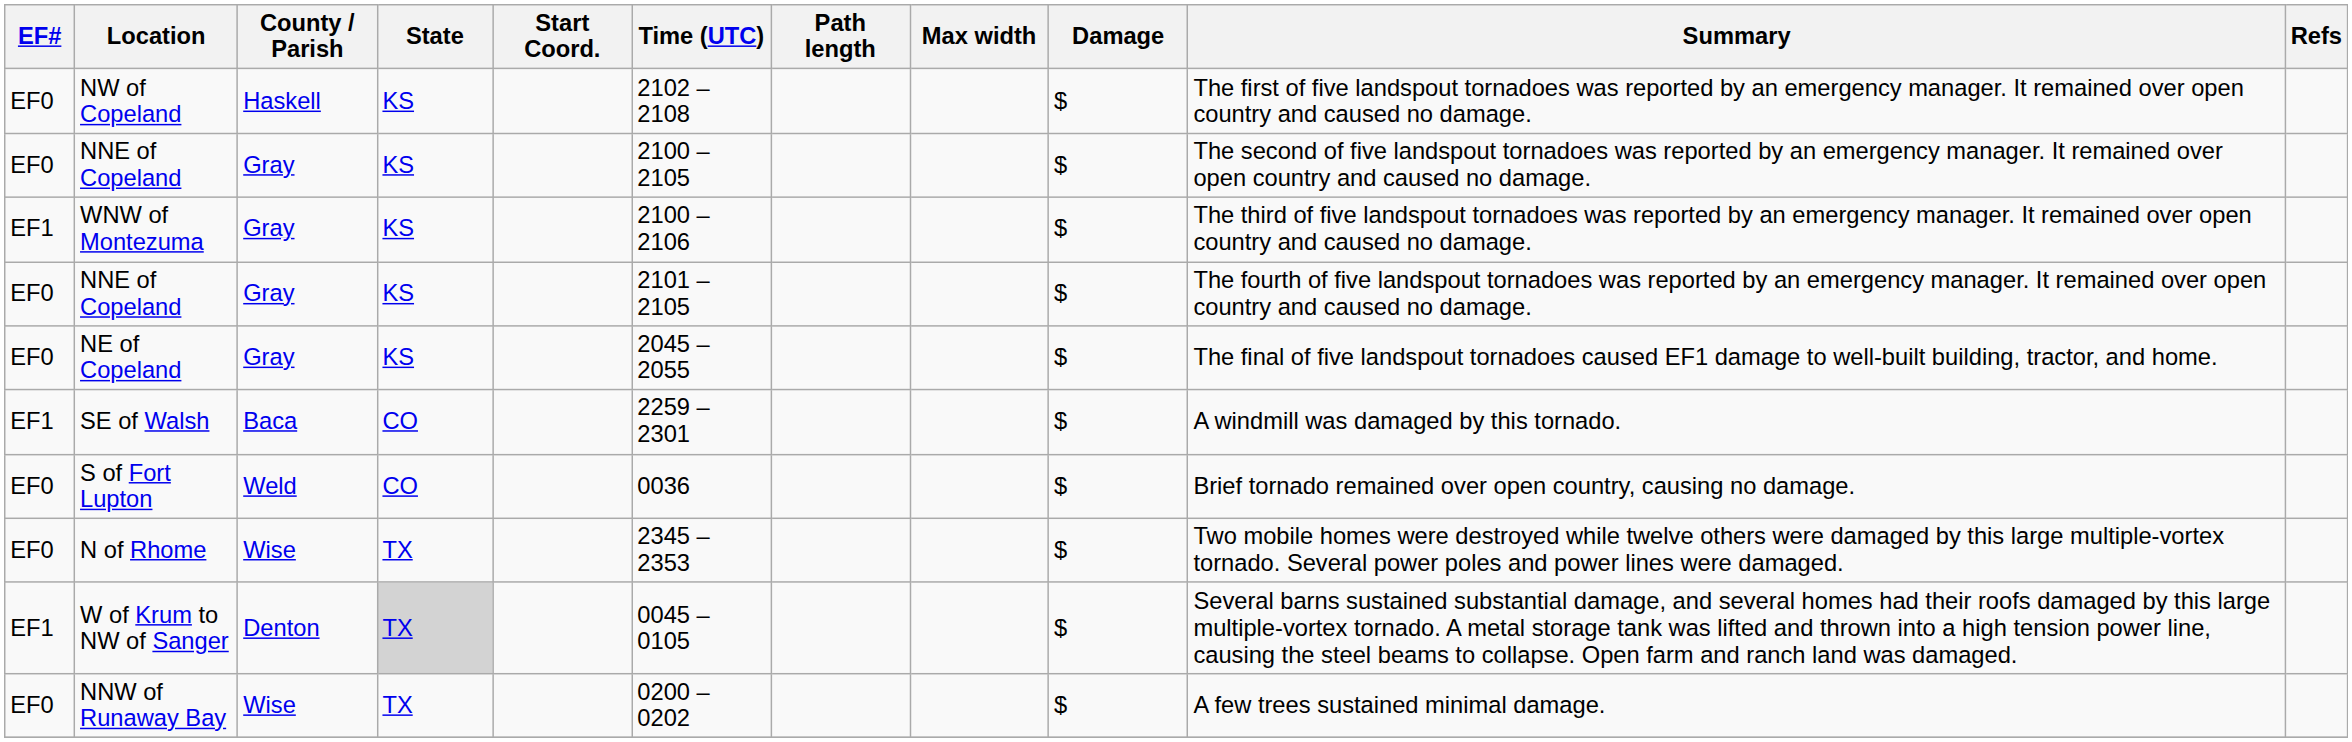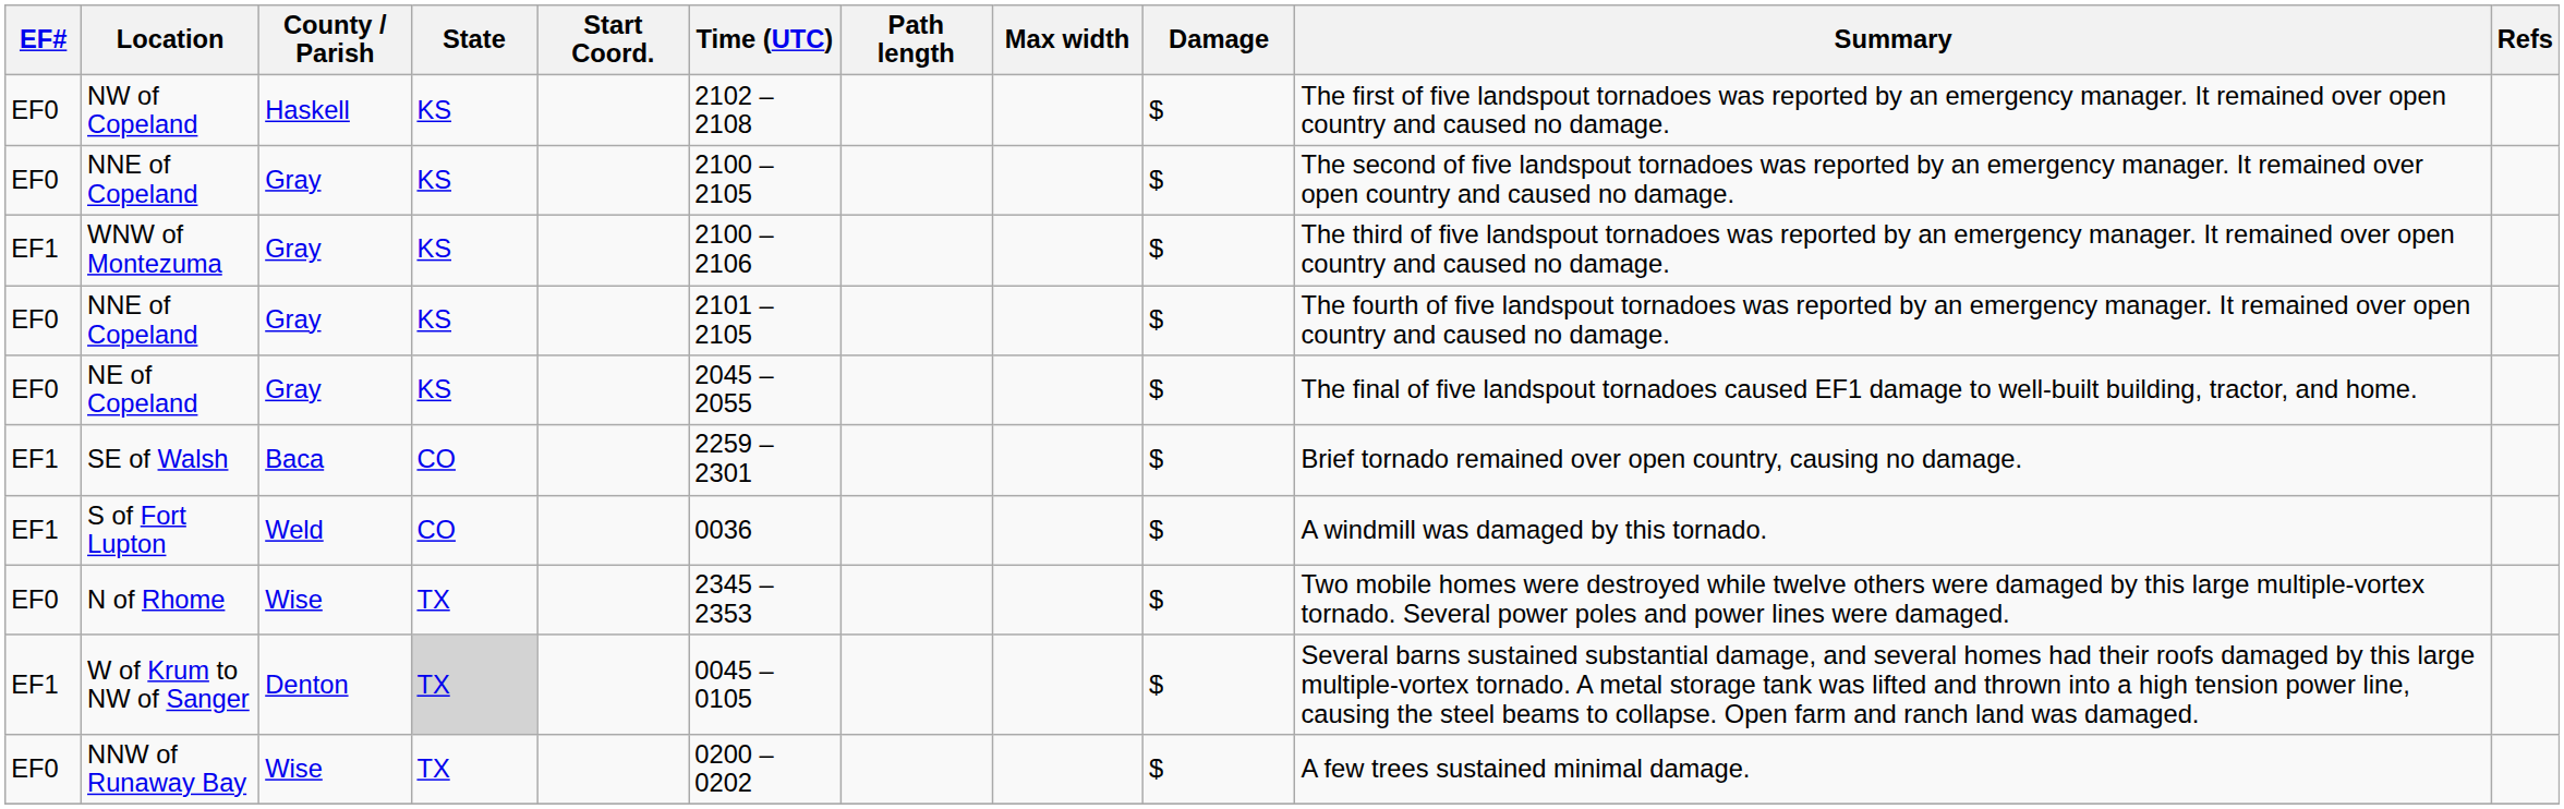 <table class="wikitable sortable" style="width:100%;">
 <tr>
 <th scope="col" width="3%" align="center"><a href='#'>EF#</a></th>
 <th scope="col" width="7%" align="center" class="unsortable">Location</th>
 <th scope="col" width="6%" align="center" class="unsortable">County / Parish</th>
 <th scope="col" width="5%" align="center">State</th>
 <th scope="col" width="6%" align="center">Start Coord.</th>
 <th scope="col" width="6%" align="center">Time (<a href='#'>UTC</a>)</th>
 <th scope="col" width="6%" align="center">Path length</th>
 <th scope="col" width="6%" align="center">Max width</th>
 <th scope="col" width="6%" align="center">Damage</th>
 <th scope="col" width="48%" class="unsortable" align="center">Summary</th>
 <th scope="col" width="48%" class="unsortable" align="center">Refs</th>
 </tr>
 <tr>
 <td>EF0</td>
 <td>NW of <a href='#'>Copeland</a></td>
 <td><a href='#'>Haskell</a></td>
 <td><a href='#'>KS</a></td>
 <td></td>
 <td>2102 – 2108</td>
 <td></td>
 <td></td>
 <td>$</td>
 <td>The first of five landspout tornadoes was reported by an emergency manager. It remained over open country and caused no damage.</td>
 <td></td>
 </tr>
 <tr>
 <td>EF0</td>
 <td>NNE of <a href='#'>Copeland</a></td>
 <td><a href='#'>Gray</a></td>
 <td><a href='#'>KS</a></td>
 <td></td>
 <td>2100 – 2105</td>
 <td></td>
 <td></td>
 <td>$</td>
 <td>The second of five landspout tornadoes was reported by an emergency manager. It remained over open country and caused no damage.</td>
 <td></td>
 </tr>
 <tr>
 <td>EF1</td>
 <td>WNW of <a href='#'>Montezuma</a></td>
 <td><a href='#'>Gray</a></td>
 <td><a href='#'>KS</a></td>
 <td></td>
 <td>2100 – 2106</td>
 <td></td>
 <td></td>
 <td>$</td>
 <td>The third of five landspout tornadoes was reported by an emergency manager. It remained over open country and caused no damage.</td>
 <td></td>
 </tr>
 <tr>
 <td>EF0</td>
 <td>NNE of <a href='#'>Copeland</a></td>
 <td><a href='#'>Gray</a></td>
 <td><a href='#'>KS</a></td>
 <td></td>
 <td>2101 – 2105</td>
 <td></td>
 <td></td>
 <td>$</td>
 <td>The fourth of five landspout tornadoes was reported by an emergency manager. It remained over open country and caused no damage.</td>
 <td></td>
 </tr>
 <tr>
 <td>EF0</td>
 <td>NE of <a href='#'>Copeland</a></td>
 <td><a href='#'>Gray</a></td>
 <td><a href='#'>KS</a></td>
 <td></td>
 <td>2045 – 2055</td>
 <td></td>
 <td></td>
 <td>$</td>
 <td>The final of five landspout tornadoes caused EF1 damage to well-built building, tractor, and home.</td>
 <td></td>
 </tr>
 <tr>
 <td>EF1</td>
 <td>SE of <a href='#'>Walsh</a></td>
 <td><a href='#'>Baca</a></td>
 <td><a href='#'>CO</a></td>
 <td></td>
 <td>2259 – 2301</td>
 <td></td>
 <td></td>
 <td>$</td>
-<td>A windmill was damaged by this tornado.</td>
+<td>Brief tornado remained over open country, causing no damage.</td>
 <td></td>
 </tr>
 <tr>
-<td>EF0</td>
+<td>EF1</td>
 <td>S of <a href='#'>Fort Lupton</a></td>
 <td><a href='#'>Weld</a></td>
 <td><a href='#'>CO</a></td>
 <td></td>
 <td>0036</td>
 <td></td>
 <td></td>
 <td>$</td>
-<td>Brief tornado remained over open country, causing no damage.</td>
+<td>A windmill was damaged by this tornado.</td>
 <td></td>
 </tr>
 <tr>
 <td>EF0</td>
 <td>N of <a href='#'>Rhome</a></td>
 <td><a href='#'>Wise</a></td>
 <td><a href='#'>TX</a></td>
 <td></td>
 <td>2345 – 2353</td>
 <td></td>
 <td></td>
 <td>$</td>
 <td>Two mobile homes were destroyed while twelve others were damaged by this large multiple-vortex tornado. Several power poles and power lines were damaged.</td>
 <td></td>
 </tr>
 <tr>
 <td>EF1</td>
 <td>W of <a href='#'>Krum</a> to NW of <a href='#'>Sanger</a></td>
 <td><a href='#'>Denton</a></td>
 <td style="background: lightgrey;"><a href='#'>TX</a></td>
 <td></td>
 <td>0045 – 0105</td>
 <td></td>
 <td></td>
 <td>$</td>
 <td>Several barns sustained substantial damage, and several homes had their roofs damaged by this large multiple-vortex tornado. A metal storage tank was lifted and thrown into a high tension power line, causing the steel beams to collapse. Open farm and ranch land was damaged.</td>
 <td></td>
 </tr>
 <tr>
 <td>EF0</td>
 <td>NNW of <a href='#'>Runaway Bay</a></td>
 <td><a href='#'>Wise</a></td>
 <td><a href='#'>TX</a></td>
 <td></td>
 <td>0200 – 0202</td>
 <td></td>
 <td></td>
 <td>$</td>
 <td>A few trees sustained minimal damage.</td>
 <td></td>
 </tr>
 <tr>
 </tr>
 </table>
